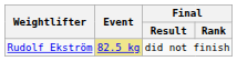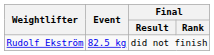 <table class=wikitable style="font-size:90%">
 <tr>
 <th rowspan=2>Weightlifter</th>
 <th rowspan=2>Event</th>
 <th colspan=2>Final</th>
 </tr>
 <tr>
 <th>Result</th>
 <th>Rank</th>
 </tr>
 <tr>
 <td><a href='#'>Rudolf Ekström</a></td>
-<td style="background: khaki;"><a href='#'>82.5 kg</a></td>
+<td><a href='#'>82.5 kg</a></td>
 <td align=center colspan=2>did not finish</td>
 </tr>
 </table>
